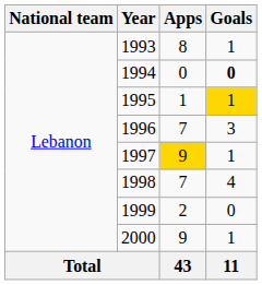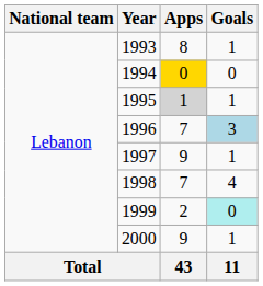 <table class="wikitable" style="text-align:center">
 <tr>
 <th>National team</th>
 <th>Year</th>
 <th>Apps</th>
 <th>Goals</th>
 </tr>
 <tr>
 <td rowspan="8"><a href='#'>Lebanon</a></td>
 <td>1993</td>
 <td>8</td>
 <td>1</td>
 </tr>
 <tr>
 <td>1994</td>
+<td style="background: gold;">0</td>
 <td>0</td>
-<td><strong>0</strong></td>
 </tr>
 <tr>
 <td>1995</td>
+<td style="background: lightgrey;">1</td>
 <td>1</td>
-<td style="background: gold;">1</td>
 </tr>
 <tr>
 <td>1996</td>
 <td>7</td>
-<td>3</td>
+<td style="background: lightblue;">3</td>
 </tr>
 <tr>
 <td>1997</td>
-<td style="background: gold;">9</td>
+<td>9</td>
 <td>1</td>
 </tr>
 <tr>
 <td>1998</td>
 <td>7</td>
 <td>4</td>
 </tr>
 <tr>
 <td>1999</td>
 <td>2</td>
-<td>0</td>
+<td style="background: paleturquoise;">0</td>
 </tr>
 <tr>
 <td>2000</td>
 <td>9</td>
 <td>1</td>
 </tr>
 <tr>
 <th colspan="2">Total</th>
 <th>43</th>
 <th>11</th>
 </tr>
 </table>
